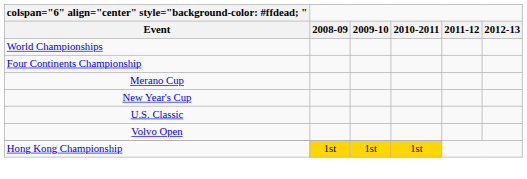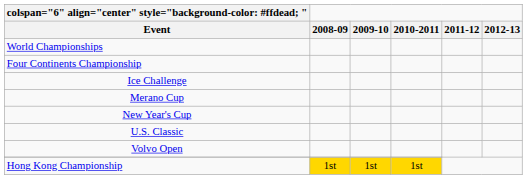 <table class="wikitable" style="text-align:center">
 <tr>
 <th>colspan="6" align="center" style="background-color: #ffdead; "</th>
 </tr>
 <tr>
 <th>Event</th>
 <th>2008-09</th>
 <th>2009-10</th>
 <th>2010-2011</th>
 <th>2011-12</th>
 <th>2012-13</th>
 </tr>
 <tr>
 <td align="left"><a href='#'>World Championships</a></td>
 <td></td>
 <td></td>
 <td></td>
 <td></td>
 </tr>
 <tr>
 <td align="left"><a href='#'>Four Continents Championship</a></td>
+<td></td>
+<td></td>
+<td></td>
+<td></td>
+<td></td>
+</tr>
+<tr>
+<td><a href='#'>Ice Challenge</a></td>
 <td></td>
 <td></td>
 <td></td>
 <td></td>
 <td></td>
 </tr>
 <tr>
 <td><a href='#'>Merano Cup</a></td>
 <td></td>
 <td></td>
 <td></td>
 <td></td>
 <td></td>
 </tr>
 <tr>
 <td><a href='#'>New Year's Cup</a></td>
 <td></td>
 <td></td>
 <td></td>
 <td></td>
 <td></td>
 </tr>
 <tr>
 <td><a href='#'>U.S. Classic</a></td>
 <td></td>
 <td></td>
 <td></td>
 <td></td>
 <td></td>
 </tr>
 <tr>
 <td><a href='#'>Volvo Open</a></td>
 <td></td>
 <td></td>
 <td></td>
 <td></td>
 <td></td>
 </tr>
 <tr>
 </tr>
 <tr>
 <td align="left"><a href='#'>Hong Kong Championship</a></td>
 <td bgcolor="gold">1st</td>
 <td bgcolor="gold">1st</td>
 <td bgcolor="gold">1st</td>
 </tr>
 </table>
